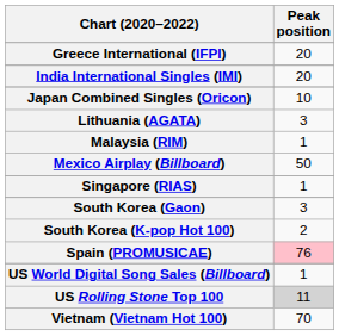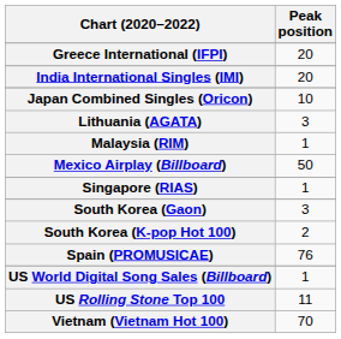 <table class="wikitable sortable plainrowheaders" style="text-align:center">
 <tr>
 <th scope="col">Chart (2020–2022)</th>
 <th scope="col">Peak<br>position</th>
 </tr>
 <tr>
 </tr>
 <tr>
 </tr>
 <tr>
 </tr>
 <tr>
 </tr>
 <tr>
 </tr>
 <tr>
 </tr>
 <tr>
 </tr>
 <tr>
 </tr>
 <tr>
 </tr>
 <tr>
 </tr>
 <tr>
 <th scope="row">Greece International (<a href='#'>IFPI</a>)</th>
 <td>20</td>
 </tr>
 <tr>
 </tr>
 <tr>
 <th scope="row"><a href='#'>India International Singles</a> (<a href='#'>IMI</a>)</th>
 <td>20</td>
 </tr>
 <tr>
 </tr>
 <tr>
 </tr>
 <tr>
 </tr>
 <tr>
 <th scope="row">Japan Combined Singles (<a href='#'>Oricon</a>)</th>
 <td>10</td>
 </tr>
 <tr>
 <th scope="row">Lithuania (<a href='#'>AGATA</a>)</th>
 <td>3</td>
 </tr>
 <tr>
 <th scope="row">Malaysia (<a href='#'>RIM</a>)</th>
 <td>1</td>
 </tr>
 <tr>
 <th scope="row"><a href='#'>Mexico Airplay</a> (<a href='#'><em>Billboard</em></a>)</th>
 <td>50</td>
 </tr>
 <tr>
 </tr>
 <tr>
 </tr>
 <tr>
 </tr>
 <tr>
 <th scope="row">Singapore (<a href='#'>RIAS</a>)</th>
 <td>1</td>
 </tr>
 <tr>
 </tr>
 <tr>
 <th scope="row">South Korea (<a href='#'>Gaon</a>)</th>
 <td>3</td>
 </tr>
 <tr>
 <th scope="row">South Korea (<a href='#'>K-pop Hot 100</a>)</th>
 <td>2</td>
 </tr>
 <tr>
 <th scope="row">Spain (<a href='#'>PROMUSICAE</a>)</th>
-<td style="background: pink;">76</td>
+<td>76</td>
 </tr>
 <tr>
 </tr>
 <tr>
 </tr>
 <tr>
 </tr>
 <tr>
 </tr>
 <tr>
 </tr>
 <tr>
 <th scope="row">US <a href='#'>World Digital Song Sales</a> (<em><a href='#'>Billboard</a></em>)</th>
 <td>1</td>
 </tr>
 <tr>
 <th scope="row">US <a href='#'><em>Rolling Stone</em> Top 100</a></th>
-<td style="background: lightgrey;">11</td>
+<td>11</td>
 </tr>
 <tr>
 <th scope="row">Vietnam (<a href='#'>Vietnam Hot 100</a>)</th>
 <td>70</td>
 </tr>
 </table>
